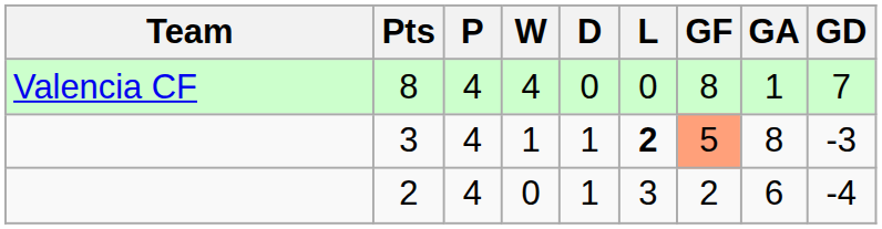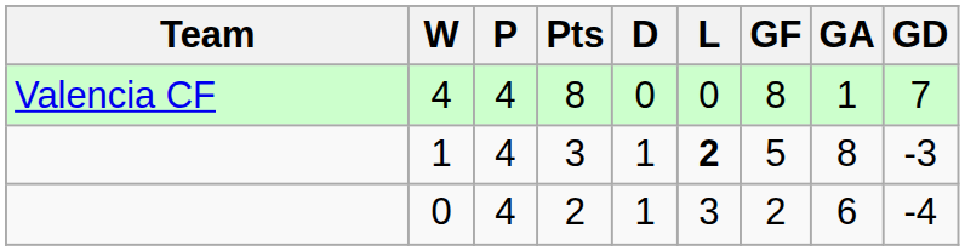 <table class="wikitable" style="text-align: center;">
 <tr>
 <th width="165">Team</th>
+<th width="20">W</th>
+<th width="20">P</th>
 <th width="20">Pts</th>
-<th width="20">P</th>
-<th width="20">W</th>
 <th width="20">D</th>
 <th width="20">L</th>
 <th width="20">GF</th>
 <th width="20">GA</th>
 <th width="20">GD</th>
 </tr>
 <tr bgcolor=ccffcc>
 <td style="text-align:left;"> <a href='#'>Valencia CF</a></td>
-<td>8</td>
 <td>4</td>
 <td>4</td>
+<td>8</td>
 <td>0</td>
 <td>0</td>
 <td>8</td>
 <td>1</td>
 <td>7</td>
 </tr>
 <tr>
 <td></td>
+<td>1</td>
+<td>4</td>
 <td>3</td>
-<td>4</td>
-<td>1</td>
 <td>1</td>
 <td><strong>2</strong></td>
-<td style="background: lightsalmon;">5</td>
+<td>5</td>
 <td>8</td>
 <td>-3</td>
 </tr>
 <tr>
 <td></td>
+<td>0</td>
+<td>4</td>
 <td>2</td>
-<td>4</td>
-<td>0</td>
 <td>1</td>
 <td>3</td>
 <td>2</td>
 <td>6</td>
 <td>-4</td>
 </tr>
 </table>
